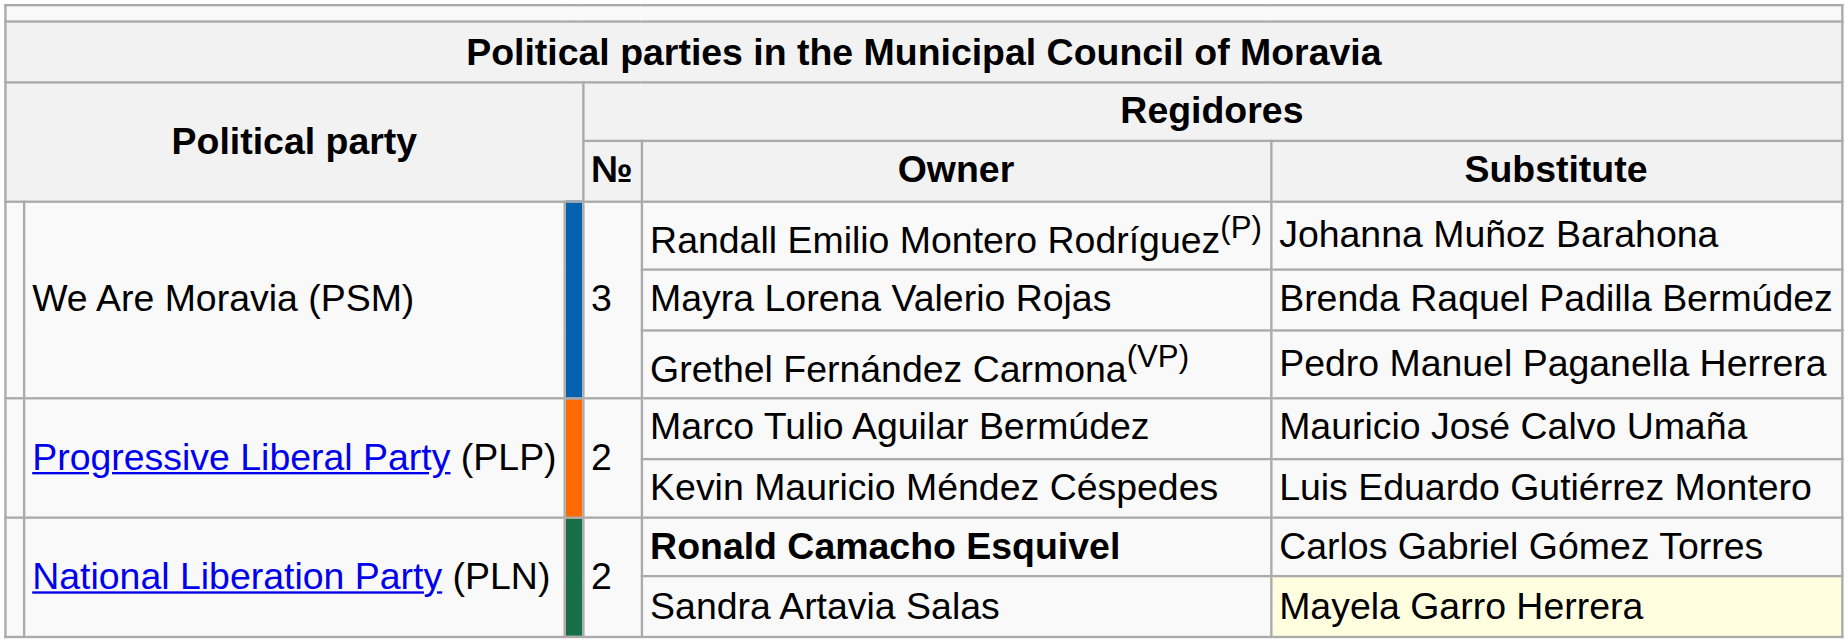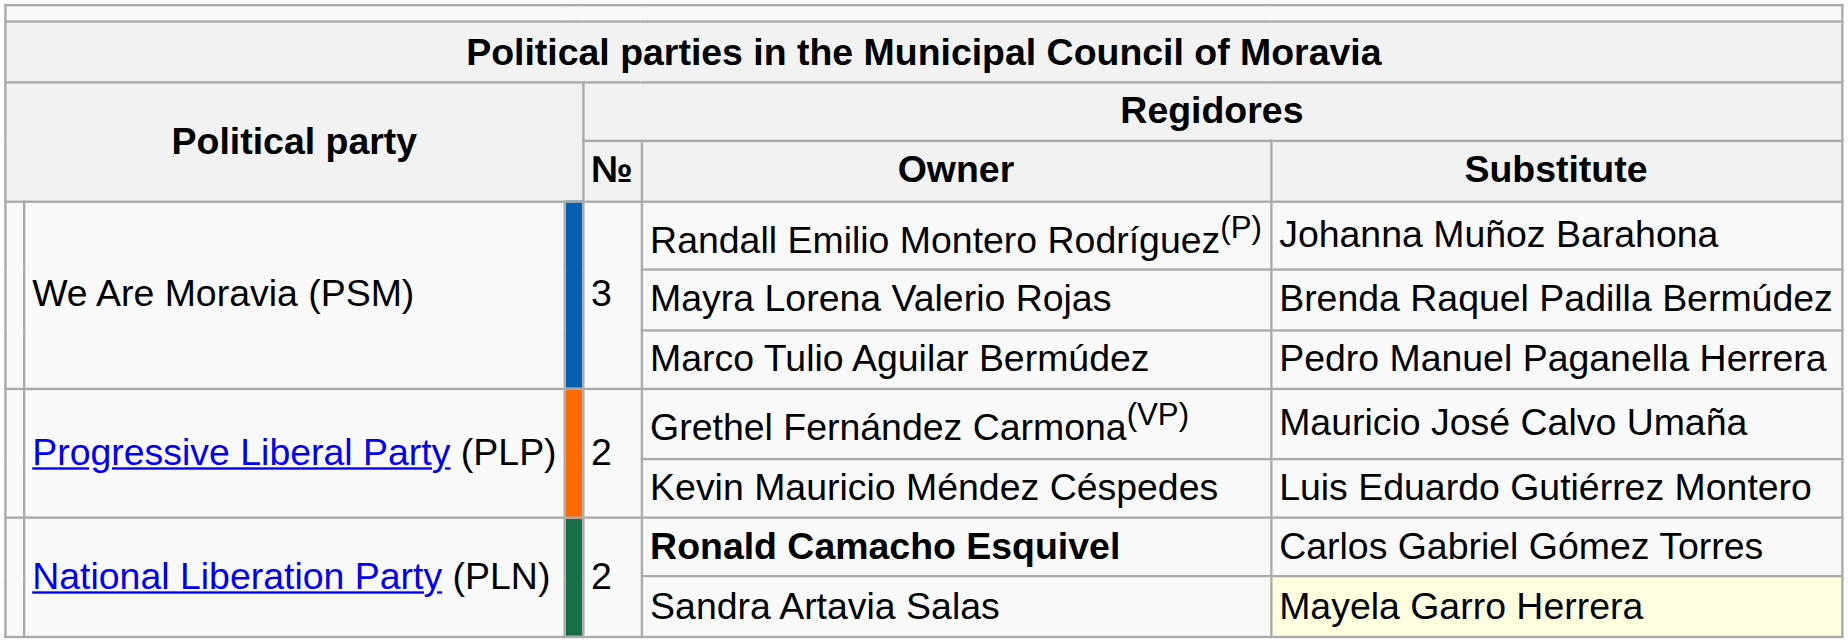 <table class="wikitable" border="1" style="margin:auto;">
 <tr>
 <td colspan="6"></td>
 </tr>
 <tr>
 <th colspan="6"><strong>Political parties in the Municipal Council of Moravia</strong></th>
 </tr>
 <tr ---->
 <th colspan="3" rowspan="2">Political party</th>
 <th colspan="3">Regidores</th>
 </tr>
 <tr>
 <th>№</th>
 <th>Owner</th>
 <th>Substitute</th>
 </tr>
 <tr>
 <td rowspan="3"></td>
 <td rowspan="3">We Are Moravia (PSM)</td>
 <td rowspan="3" bgcolor="#0561AF"></td>
 <td rowspan="3">3</td>
 <td>Randall Emilio Montero Rodríguez<sup>(P)</sup></td>
 <td>Johanna Muñoz Barahona</td>
 </tr>
 <tr>
 <td>Mayra Lorena Valerio Rojas</td>
 <td>Brenda Raquel Padilla Bermúdez</td>
 </tr>
 <tr>
-<td>Grethel Fernández Carmona<sup>(VP)</sup></td>
+<td>Marco Tulio Aguilar Bermúdez</td>
 <td>Pedro Manuel Paganella Herrera</td>
 </tr>
 <tr ---->
 <td rowspan="2"></td>
 <td rowspan="2"><a href='#'>Progressive Liberal Party</a> (PLP)</td>
 <td rowspan="2" bgcolor="#FE6900"></td>
 <td rowspan="2">2</td>
-<td>Marco Tulio Aguilar Bermúdez</td>
+<td>Grethel Fernández Carmona<sup>(VP)</sup></td>
 <td>Mauricio José Calvo Umaña</td>
 </tr>
 <tr>
 <td>Kevin Mauricio Méndez Céspedes</td>
 <td>Luis Eduardo Gutiérrez Montero</td>
 </tr>
 <tr>
 <td rowspan="2"></td>
 <td rowspan="2"><a href='#'>National Liberation Party</a> (PLN)</td>
 <td rowspan="2" bgcolor="#186E47"></td>
 <td rowspan="2">2</td>
 <td><strong>Ronald Camacho Esquivel</strong></td>
 <td>Carlos Gabriel Gómez Torres</td>
 </tr>
 <tr>
 <td>Sandra Artavia Salas</td>
 <td style="background: lightyellow;">Mayela Garro Herrera</td>
 </tr>
 </table>
